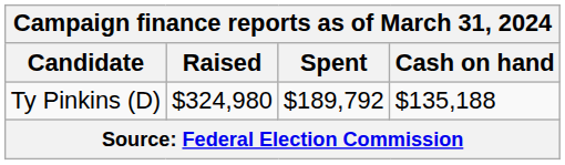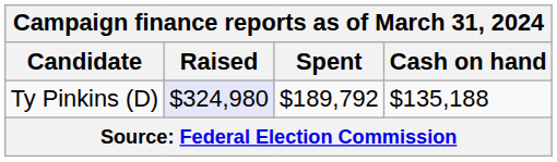 <table class="wikitable sortable">
 <tr>
 <th colspan=4>Campaign finance reports as of March 31, 2024</th>
 </tr>
 <tr style="text-align:center;">
 <th>Candidate</th>
 <th>Raised</th>
 <th>Spent</th>
 <th>Cash on hand</th>
 </tr>
 <tr>
 <td>Ty Pinkins (D)</td>
-<td>$324,980</td>
+<td style="background: lavender;">$324,980</td>
 <td>$189,792</td>
 <td>$135,188</td>
 </tr>
 <tr>
 <th colspan="4"><small>Source: <a href='#'>Federal Election Commission</a></small></th>
 </tr>
 </table>
